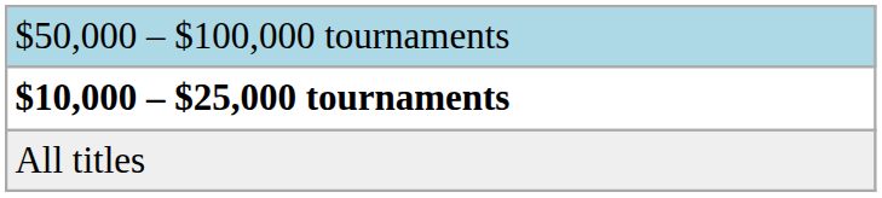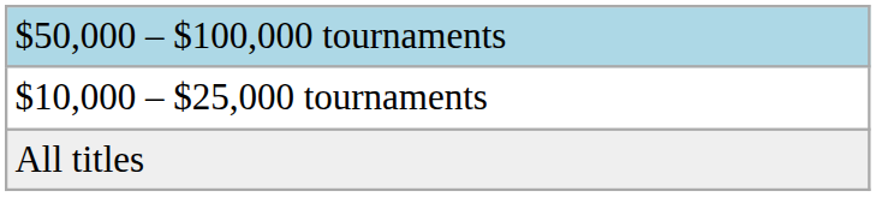 <table class="wikitable" style="font-size:85%;" width=25%>
 <tr bgcolor=lightblue>
 <td>$50,000 – $100,000 tournaments</td>
 </tr>
 <tr bgcolor="#FFFFFF">
-<td><strong>$10,000 – $25,000 tournaments</strong></td>
+<td>$10,000 – $25,000 tournaments</td>
 </tr>
 <tr bgcolor="#efefef">
 <td>All titles</td>
 </tr>
 </table>
